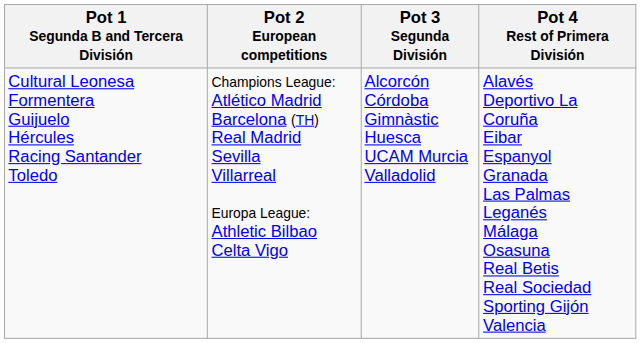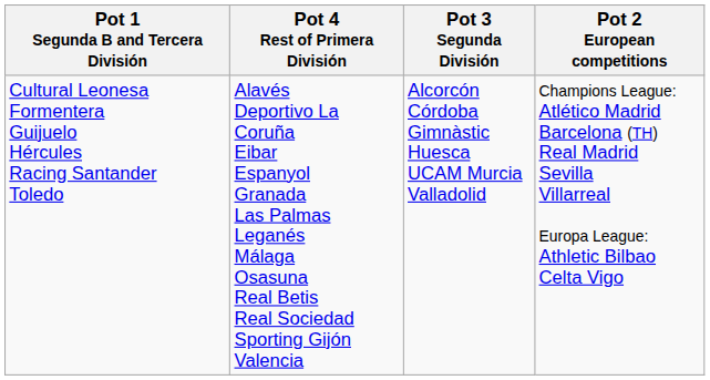 <table class="wikitable">
 <tr>
 <th>Pot 1<br><small>Segunda B and Tercera División</small></th>
+<th>Pot 4<br><small>Rest of Primera División</small></th>
+<th>Pot 3<br><small>Segunda División</small></th>
 <th>Pot 2<br><small>European competitions</small></th>
-<th>Pot 3<br><small>Segunda División</small></th>
-<th>Pot 4<br><small>Rest of Primera División</small></th>
 </tr>
 <tr>
 <td valign=top><a href='#'>Cultural Leonesa</a><br><a href='#'>Formentera</a><br><a href='#'>Guijuelo</a><br><a href='#'>Hércules</a><br><a href='#'>Racing Santander</a><br><a href='#'>Toledo</a></td>
+<td valign=top><a href='#'>Alavés</a><br><a href='#'>Deportivo La Coruña</a><br><a href='#'>Eibar</a><br><a href='#'>Espanyol</a><br><a href='#'>Granada</a><br><a href='#'>Las Palmas</a><br><a href='#'>Leganés</a><br><a href='#'>Málaga</a><br><a href='#'>Osasuna</a><br><a href='#'>Real Betis</a><br><a href='#'>Real Sociedad</a><br><a href='#'>Sporting Gijón</a><br><a href='#'>Valencia</a></td>
+<td valign=top><a href='#'>Alcorcón</a><br><a href='#'>Córdoba</a><br><a href='#'>Gimnàstic</a><br><a href='#'>Huesca</a><br><a href='#'>UCAM Murcia</a><br><a href='#'>Valladolid</a></td>
 <td valign=top><small>Champions League:</small><br><a href='#'>Atlético Madrid</a><br><a href='#'>Barcelona</a> <small>(<a href='#'>TH</a>)</small><br><a href='#'>Real Madrid</a> <br><a href='#'>Sevilla</a><br><a href='#'>Villarreal</a><br><br><small>Europa League:</small><br><a href='#'>Athletic Bilbao</a><br><a href='#'>Celta Vigo</a></td>
-<td valign=top><a href='#'>Alcorcón</a><br><a href='#'>Córdoba</a><br><a href='#'>Gimnàstic</a><br><a href='#'>Huesca</a><br><a href='#'>UCAM Murcia</a><br><a href='#'>Valladolid</a></td>
-<td valign=top><a href='#'>Alavés</a><br><a href='#'>Deportivo La Coruña</a><br><a href='#'>Eibar</a><br><a href='#'>Espanyol</a><br><a href='#'>Granada</a><br><a href='#'>Las Palmas</a><br><a href='#'>Leganés</a><br><a href='#'>Málaga</a><br><a href='#'>Osasuna</a><br><a href='#'>Real Betis</a><br><a href='#'>Real Sociedad</a><br><a href='#'>Sporting Gijón</a><br><a href='#'>Valencia</a></td>
 </tr>
 </table>
